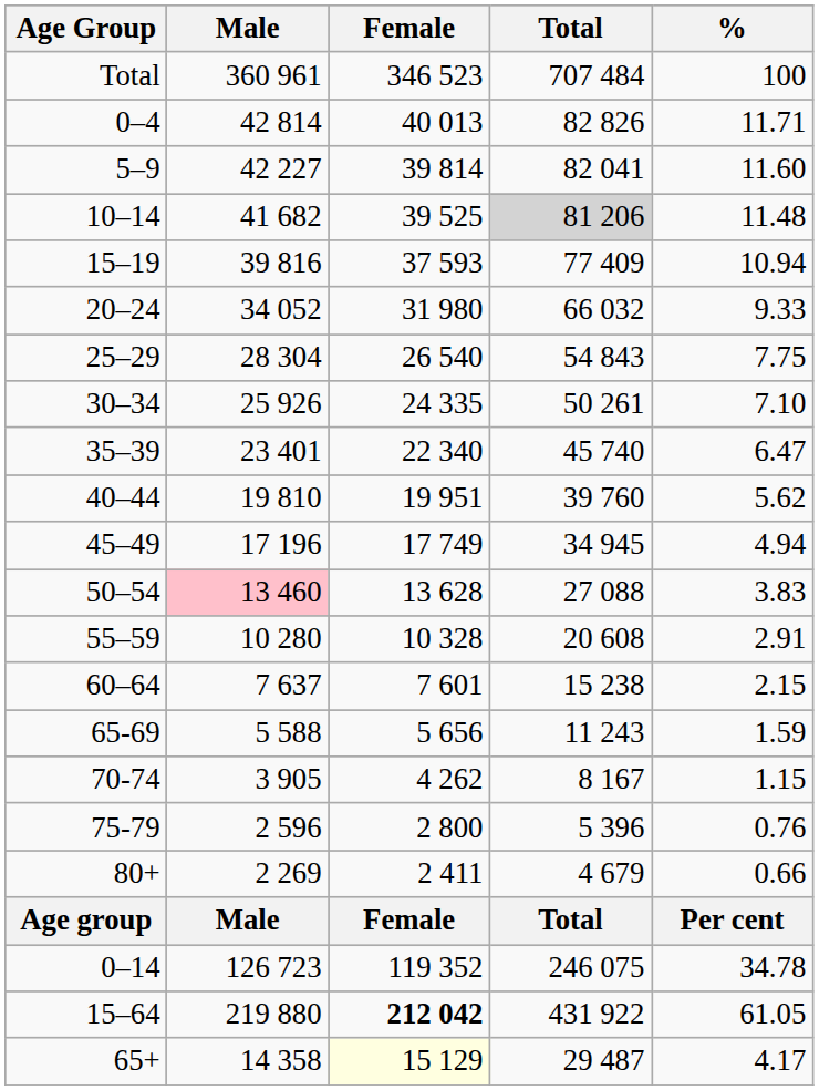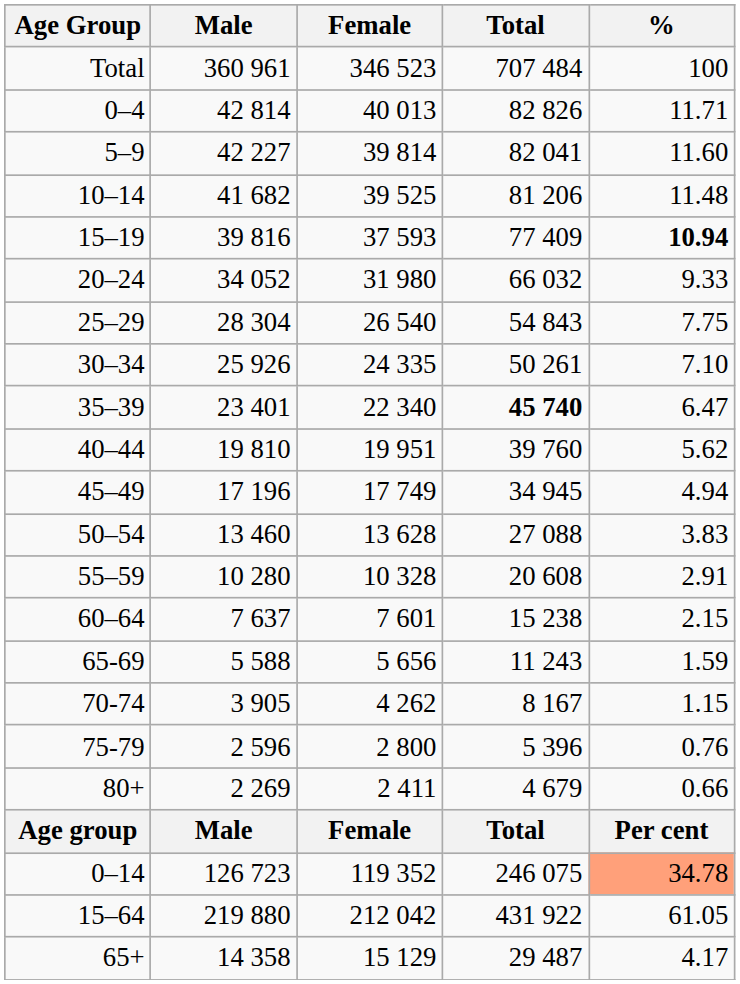 <table class="wikitable">
 <tr>
 <th width="80pt">Age Group</th>
 <th width="80pt">Male</th>
 <th width="80pt">Female</th>
 <th width="80pt">Total</th>
 <th width="80pt">%</th>
 </tr>
 <tr>
 <td align="right">Total</td>
 <td align="right">360 961</td>
 <td align="right">346 523</td>
 <td align="right">707 484</td>
 <td align="right">100</td>
 </tr>
 <tr>
 <td align="right">0–4</td>
 <td align="right">42 814</td>
 <td align="right">40 013</td>
 <td align="right">82 826</td>
 <td align="right">11.71</td>
 </tr>
 <tr>
 <td align="right">5–9</td>
 <td align="right">42 227</td>
 <td align="right">39 814</td>
 <td align="right">82 041</td>
 <td align="right">11.60</td>
 </tr>
 <tr>
 <td align="right">10–14</td>
 <td align="right">41 682</td>
 <td align="right">39 525</td>
-<td align="right" style="background: lightgrey;">81 206</td>
+<td align="right">81 206</td>
 <td align="right">11.48</td>
 </tr>
 <tr>
 <td align="right">15–19</td>
 <td align="right">39 816</td>
 <td align="right">37 593</td>
 <td align="right">77 409</td>
-<td align="right">10.94</td>
+<td align="right"><strong>10.94</strong></td>
 </tr>
 <tr>
 <td align="right">20–24</td>
 <td align="right">34 052</td>
 <td align="right">31 980</td>
 <td align="right">66 032</td>
 <td align="right">9.33</td>
 </tr>
 <tr>
 <td align="right">25–29</td>
 <td align="right">28 304</td>
 <td align="right">26 540</td>
 <td align="right">54 843</td>
 <td align="right">7.75</td>
 </tr>
 <tr>
 <td align="right">30–34</td>
 <td align="right">25 926</td>
 <td align="right">24 335</td>
 <td align="right">50 261</td>
 <td align="right">7.10</td>
 </tr>
 <tr>
 <td align="right">35–39</td>
 <td align="right">23 401</td>
 <td align="right">22 340</td>
-<td align="right">45 740</td>
+<td align="right"><strong>45 740</strong></td>
 <td align="right">6.47</td>
 </tr>
 <tr>
 <td align="right">40–44</td>
 <td align="right">19 810</td>
 <td align="right">19 951</td>
 <td align="right">39 760</td>
 <td align="right">5.62</td>
 </tr>
 <tr>
 <td align="right">45–49</td>
 <td align="right">17 196</td>
 <td align="right">17 749</td>
 <td align="right">34 945</td>
 <td align="right">4.94</td>
 </tr>
 <tr>
 <td align="right">50–54</td>
-<td align="right" style="background: pink;">13 460</td>
+<td align="right">13 460</td>
 <td align="right">13 628</td>
 <td align="right">27 088</td>
 <td align="right">3.83</td>
 </tr>
 <tr>
 <td align="right">55–59</td>
 <td align="right">10 280</td>
 <td align="right">10 328</td>
 <td align="right">20 608</td>
 <td align="right">2.91</td>
 </tr>
 <tr>
 <td align="right">60–64</td>
 <td align="right">7 637</td>
 <td align="right">7 601</td>
 <td align="right">15 238</td>
 <td align="right">2.15</td>
 </tr>
 <tr>
 <td align="right">65-69</td>
 <td align="right">5 588</td>
 <td align="right">5 656</td>
 <td align="right">11 243</td>
 <td align="right">1.59</td>
 </tr>
 <tr>
 <td align="right">70-74</td>
 <td align="right">3 905</td>
 <td align="right">4 262</td>
 <td align="right">8 167</td>
 <td align="right">1.15</td>
 </tr>
 <tr>
 <td align="right">75-79</td>
 <td align="right">2 596</td>
 <td align="right">2 800</td>
 <td align="right">5 396</td>
 <td align="right">0.76</td>
 </tr>
 <tr>
 <td align="right">80+</td>
 <td align="right">2 269</td>
 <td align="right">2 411</td>
 <td align="right">4 679</td>
 <td align="right">0.66</td>
 </tr>
 <tr>
 <th width="50">Age group</th>
 <th width="80pt">Male</th>
 <th width="80">Female</th>
 <th width="80">Total</th>
 <th width="50">Per cent</th>
 </tr>
 <tr>
 <td align="right">0–14</td>
 <td align="right">126 723</td>
 <td align="right">119 352</td>
 <td align="right">246 075</td>
-<td align="right">34.78</td>
+<td align="right" style="background: lightsalmon;">34.78</td>
 </tr>
 <tr>
 <td align="right">15–64</td>
 <td align="right">219 880</td>
-<td align="right"><strong>212 042</strong></td>
+<td align="right">212 042</td>
 <td align="right">431 922</td>
 <td align="right">61.05</td>
 </tr>
 <tr>
 <td align="right">65+</td>
 <td align="right">14 358</td>
-<td align="right" style="background: lightyellow;">15 129</td>
+<td align="right">15 129</td>
 <td align="right">29 487</td>
 <td align="right">4.17</td>
 </tr>
 <tr>
 </tr>
 </table>
